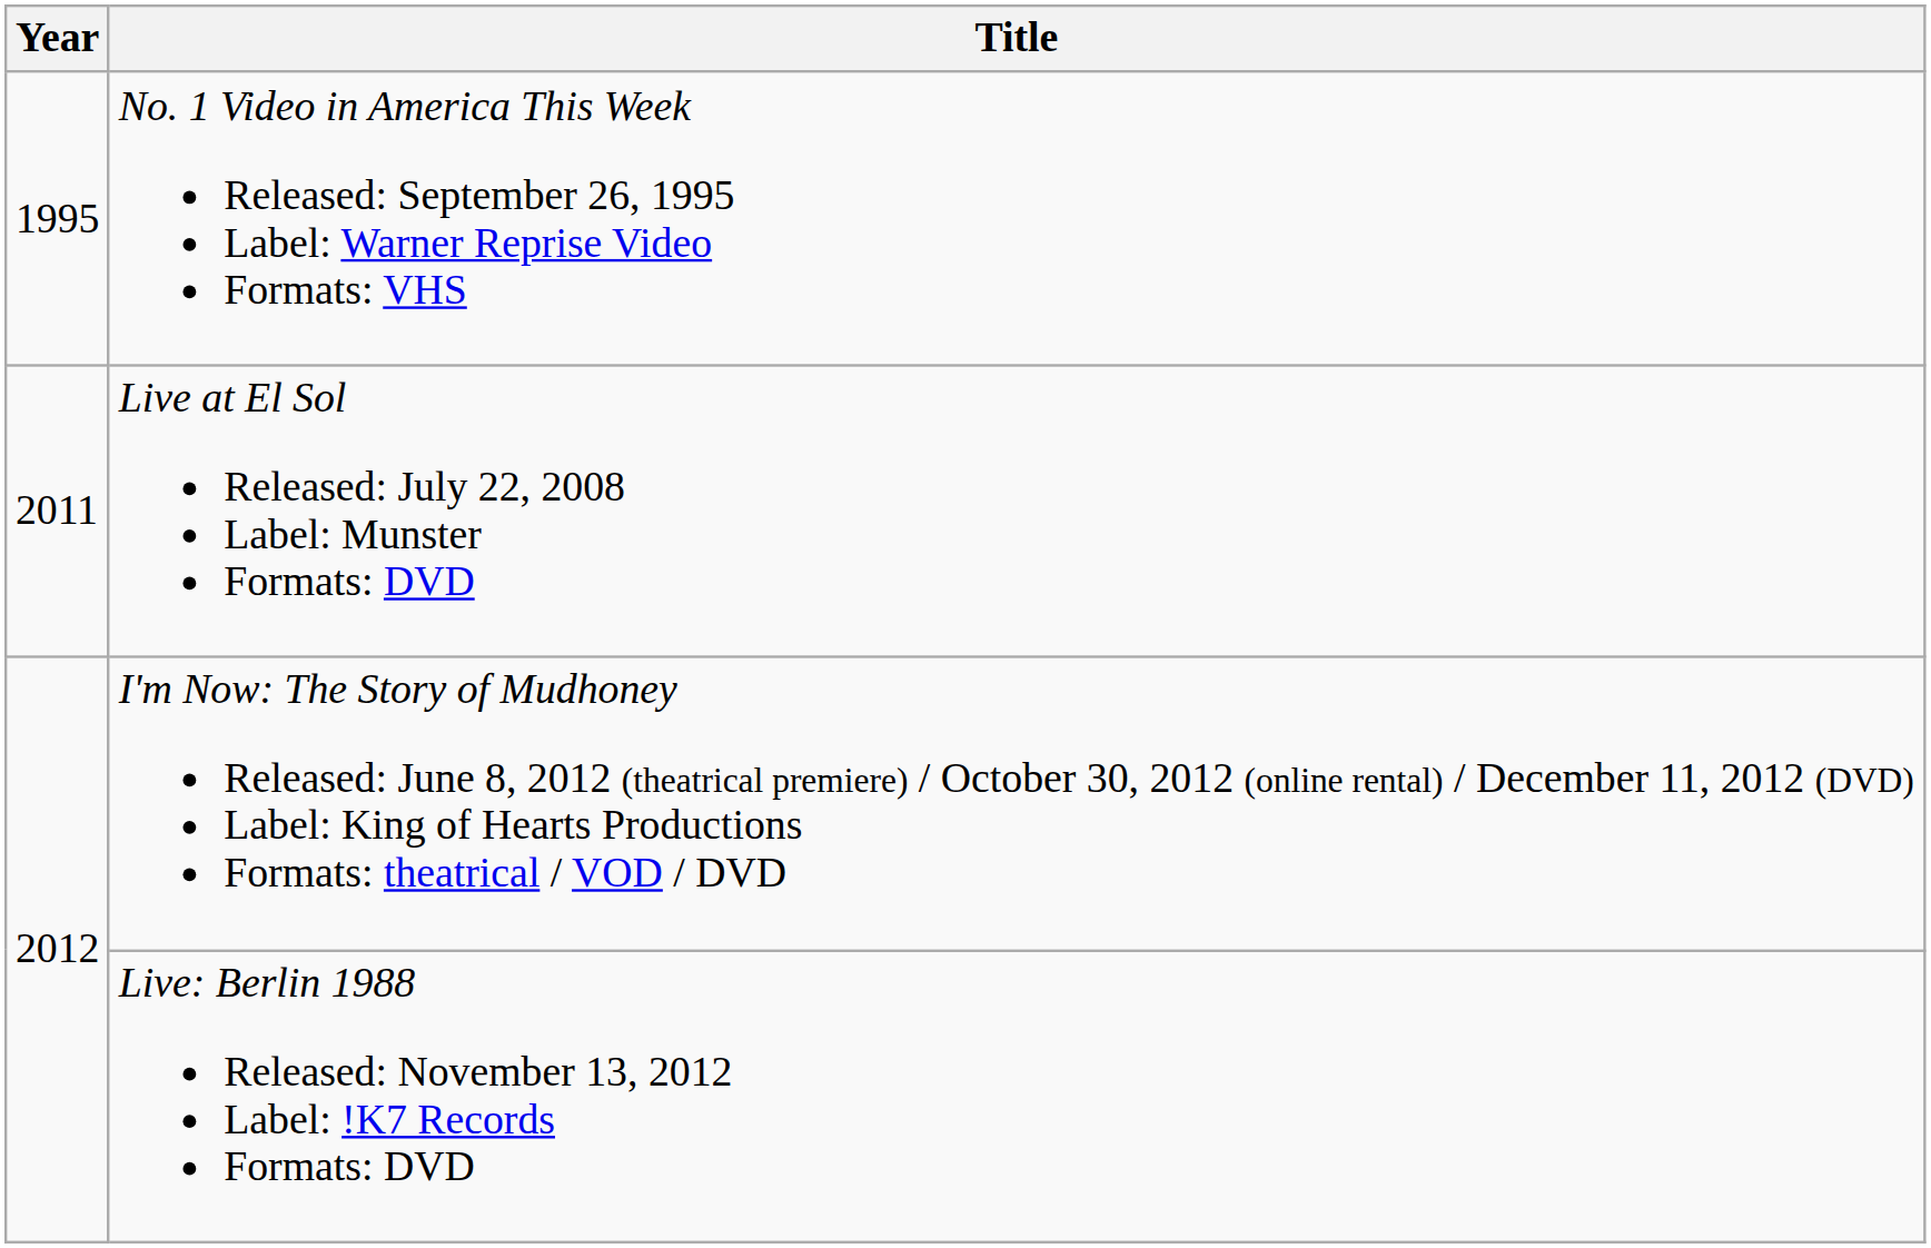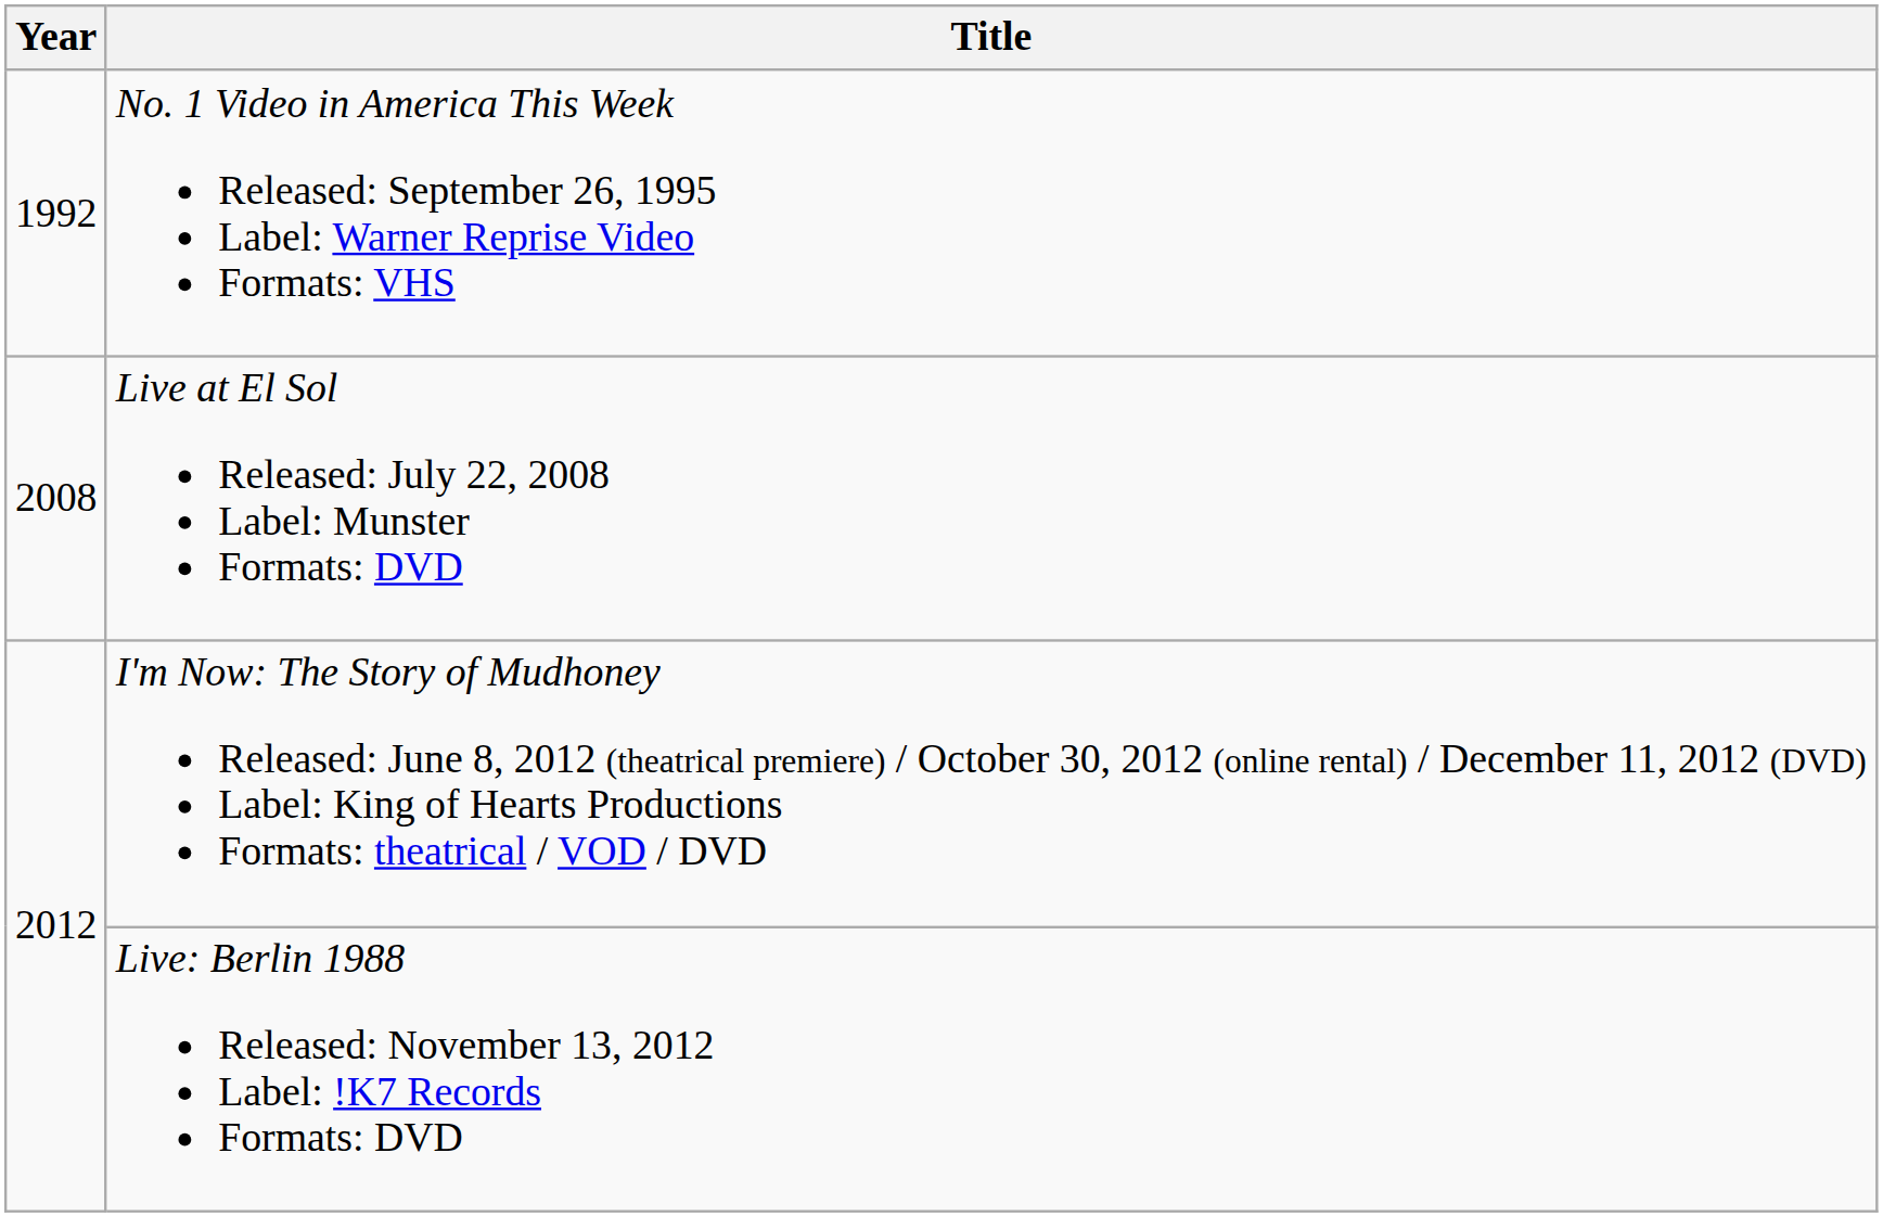 <table class="wikitable">
 <tr>
 <th>Year</th>
 <th>Title</th>
 </tr>
 <tr>
-<td>1995</td>
+<td>1992</td>
 <td><em>No. 1 Video in America This Week</em><br><ul><li>Released: September 26, 1995</li><li>Label: <a href='#'>Warner Reprise Video</a></li><li>Formats: <a href='#'>VHS</a></li></ul></td>
 </tr>
 <tr>
-<td>2011</td>
+<td>2008</td>
 <td><em>Live at El Sol</em><br><ul><li>Released: July 22, 2008</li><li>Label: Munster</li><li>Formats: <a href='#'>DVD</a></li></ul></td>
 </tr>
 <tr>
 <td rowspan="2">2012</td>
 <td><em>I'm Now: The Story of Mudhoney</em><br><ul><li>Released: June 8, 2012 <small>(theatrical premiere)</small> / October 30, 2012 <small>(online rental)</small> / December 11, 2012 <small>(DVD)</small></li><li>Label: King of Hearts Productions</li><li>Formats: <a href='#'>theatrical</a> / <a href='#'>VOD</a> / DVD</li></ul></td>
 </tr>
 <tr>
 <td><em>Live: Berlin 1988</em><br><ul><li>Released: November 13, 2012</li><li>Label: <a href='#'>!K7 Records</a></li><li>Formats: DVD</li></ul></td>
 </tr>
 </table>
